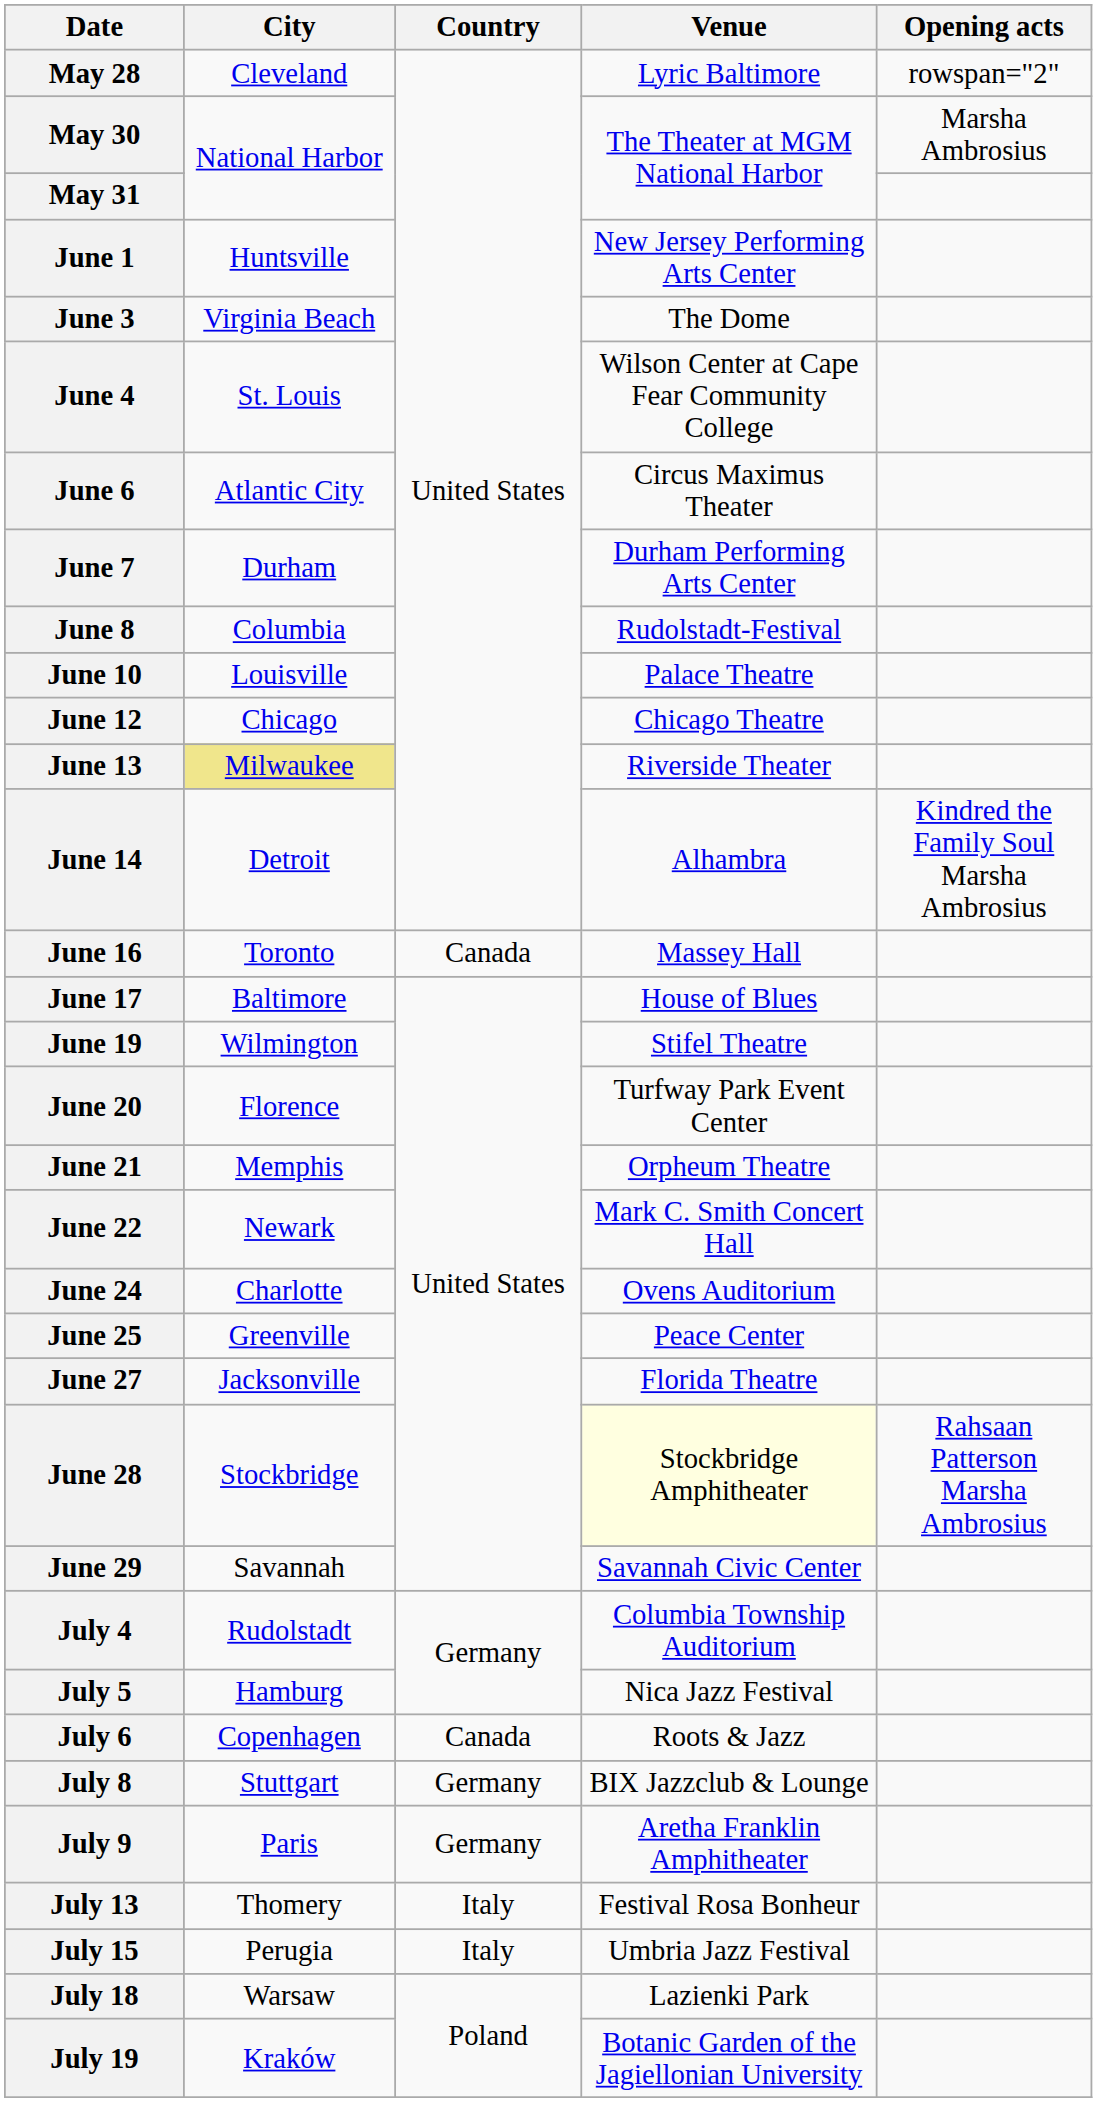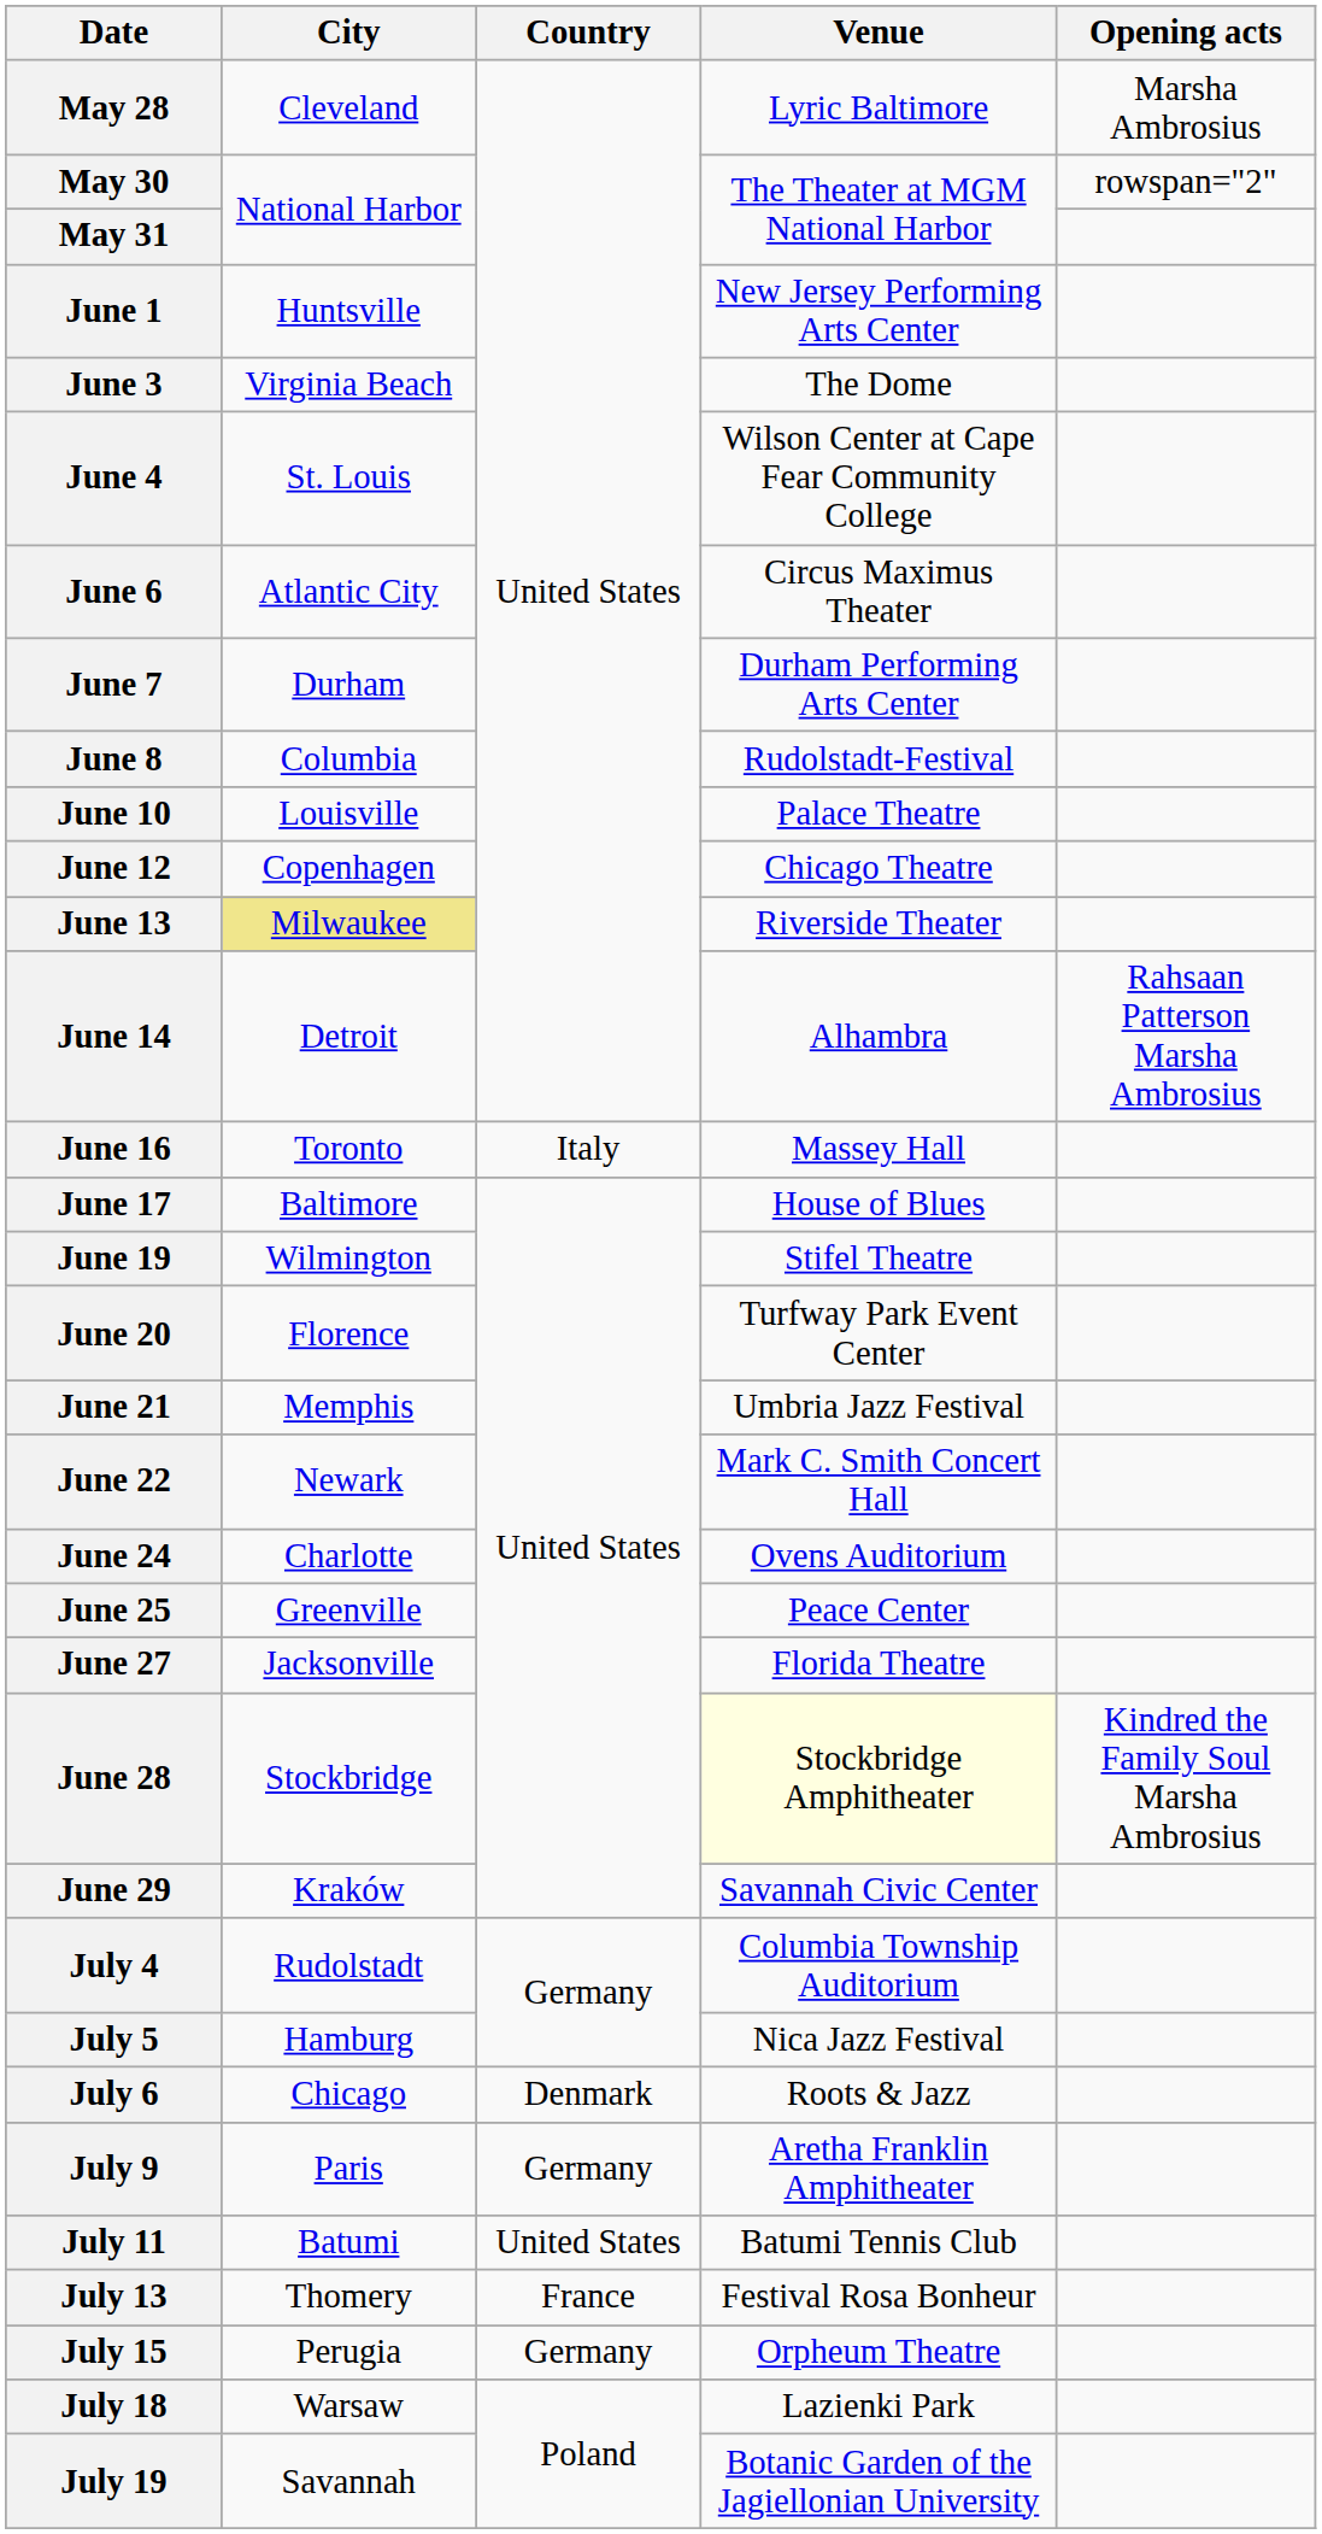 <table class="wikitable plainrowheaders" style="text-align:center;">
 <tr>
 <th scope="col" style="width:12em;">Date</th>
 <th scope="col" style="width:10em;">City</th>
 <th scope="col" style="width:10em;">Country</th>
 <th scope="col" style="width:17em;">Venue</th>
 <th scope="col" style="width:10em;">Opening acts</th>
 </tr>
 <tr>
 <th scope="row" style="text-align:center;">May 28</th>
 <td><a href='#'>Cleveland</a></td>
 <td rowspan="13">United States</td>
 <td><a href='#'>Lyric Baltimore</a></td>
-<td>rowspan="2" </td>
+<td>Marsha Ambrosius</td>
 </tr>
 <tr>
 <th scope="row" style="text-align:center;">May 30</th>
 <td rowspan="2"><a href='#'>National Harbor</a></td>
 <td rowspan="2"><a href='#'>The Theater at MGM National Harbor</a></td>
-<td>Marsha Ambrosius</td>
+<td>rowspan="2" </td>
 </tr>
 <tr>
 <th scope="row" style="text-align:center;">May 31</th>
 </tr>
 <tr>
 <th scope="row" style="text-align:center;">June 1</th>
 <td><a href='#'>Huntsville</a></td>
 <td><a href='#'>New Jersey Performing Arts Center</a></td>
 <td></td>
 </tr>
 <tr>
 <th scope="row" style="text-align:center;">June 3</th>
 <td><a href='#'>Virginia Beach</a></td>
 <td>The Dome</td>
 <td></td>
 </tr>
 <tr>
 <th scope="row" style="text-align:center;">June 4</th>
 <td><a href='#'>St. Louis</a></td>
 <td>Wilson Center at Cape Fear Community College</td>
 <td></td>
 </tr>
 <tr>
 <th scope="row" style="text-align:center;">June 6</th>
 <td><a href='#'>Atlantic City</a></td>
 <td>Circus Maximus Theater</td>
 <td></td>
 </tr>
 <tr>
 <th scope="row" style="text-align:center;">June 7</th>
 <td><a href='#'>Durham</a></td>
 <td><a href='#'>Durham Performing Arts Center</a></td>
 <td></td>
 </tr>
 <tr>
 <th scope="row" style="text-align:center;">June 8</th>
 <td><a href='#'>Columbia</a></td>
 <td><a href='#'>Rudolstadt-Festival</a></td>
 <td></td>
 </tr>
 <tr>
 <th scope="row" style="text-align:center;">June 10</th>
 <td><a href='#'>Louisville</a></td>
 <td><a href='#'>Palace Theatre</a></td>
 <td></td>
 </tr>
 <tr>
 <th scope="row" style="text-align:center;">June 12</th>
-<td><a href='#'>Chicago</a></td>
+<td><a href='#'>Copenhagen</a></td>
 <td><a href='#'>Chicago Theatre</a></td>
 <td></td>
 </tr>
 <tr>
 <th scope="row" style="text-align:center;">June 13</th>
 <td style="background: khaki;"><a href='#'>Milwaukee</a></td>
 <td><a href='#'>Riverside Theater</a></td>
 <td></td>
 </tr>
 <tr>
 <th scope="row" style="text-align:center;">June 14</th>
 <td><a href='#'>Detroit</a></td>
 <td><a href='#'>Alhambra</a></td>
-<td><a href='#'>Kindred the Family Soul</a><br>Marsha Ambrosius</td>
+<td><a href='#'>Rahsaan Patterson</a><br><a href='#'>Marsha Ambrosius</a></td>
 </tr>
 <tr>
 <th scope="row" style="text-align:center;">June 16</th>
 <td><a href='#'>Toronto</a></td>
-<td>Canada</td>
+<td>Italy</td>
 <td><a href='#'>Massey Hall</a></td>
 <td></td>
 </tr>
 <tr>
 <th scope="row" style="text-align:center;">June 17</th>
 <td><a href='#'>Baltimore</a></td>
 <td rowspan="10">United States</td>
 <td><a href='#'>House of Blues</a></td>
 <td></td>
 </tr>
 <tr>
 <th scope="row" style="text-align:center;">June 19</th>
 <td><a href='#'>Wilmington</a></td>
 <td><a href='#'>Stifel Theatre</a></td>
 <td></td>
 </tr>
 <tr>
 <th scope="row" style="text-align:center;">June 20</th>
 <td><a href='#'>Florence</a></td>
 <td>Turfway Park Event Center</td>
 <td></td>
 </tr>
 <tr>
 <th scope="row" style="text-align:center;">June 21</th>
 <td><a href='#'>Memphis</a></td>
-<td><a href='#'>Orpheum Theatre</a></td>
+<td>Umbria Jazz Festival</td>
 <td></td>
 </tr>
 <tr>
 <th scope="row" style="text-align:center;">June 22</th>
 <td><a href='#'>Newark</a></td>
 <td><a href='#'>Mark C. Smith Concert Hall</a></td>
 <td></td>
 </tr>
 <tr>
 <th scope="row" style="text-align:center;">June 24</th>
 <td><a href='#'>Charlotte</a></td>
 <td><a href='#'>Ovens Auditorium</a></td>
 <td></td>
 </tr>
 <tr>
 <th scope="row" style="text-align:center;">June 25</th>
 <td><a href='#'>Greenville</a></td>
 <td><a href='#'>Peace Center</a></td>
 <td></td>
 </tr>
 <tr>
 <th scope="row" style="text-align:center;">June 27</th>
 <td><a href='#'>Jacksonville</a></td>
 <td><a href='#'>Florida Theatre</a></td>
 <td></td>
 </tr>
 <tr>
 <th scope="row" style="text-align:center;">June 28</th>
 <td><a href='#'>Stockbridge</a></td>
 <td style="background: lightyellow;">Stockbridge Amphitheater</td>
-<td><a href='#'>Rahsaan Patterson</a><br><a href='#'>Marsha Ambrosius</a></td>
+<td><a href='#'>Kindred the Family Soul</a><br>Marsha Ambrosius</td>
 </tr>
 <tr>
 <th scope="row" style="text-align:center;">June 29</th>
-<td>Savannah</td>
+<td><a href='#'>Kraków</a></td>
 <td><a href='#'>Savannah Civic Center</a></td>
 <td></td>
 </tr>
 <tr>
 <th scope="row" style="text-align:center;">July 4</th>
 <td><a href='#'>Rudolstadt</a></td>
 <td rowspan="2">Germany</td>
 <td><a href='#'>Columbia Township Auditorium</a></td>
 <td></td>
 </tr>
 <tr>
 <th scope="row" style="text-align:center;">July 5</th>
 <td><a href='#'>Hamburg</a></td>
 <td>Nica Jazz Festival</td>
 <td></td>
 </tr>
 <tr>
 <th scope="row" style="text-align:center;">July 6</th>
-<td><a href='#'>Copenhagen</a></td>
-<td>Canada</td>
+<td><a href='#'>Chicago</a></td>
+<td>Denmark</td>
 <td>Roots & Jazz</td>
-<td></td>
-</tr>
-<tr>
-<th scope="row" style="text-align:center;">July 8</th>
-<td><a href='#'>Stuttgart</a></td>
-<td>Germany</td>
-<td>BIX Jazzclub & Lounge</td>
 <td></td>
 </tr>
 <tr>
 <th scope="row" style="text-align:center;">July 9</th>
 <td><a href='#'>Paris</a></td>
 <td>Germany</td>
 <td><a href='#'>Aretha Franklin Amphitheater</a></td>
 <td></td>
 </tr>
 <tr>
+<th scope="row" style="text-align:center;">July 11</th>
+<td><a href='#'>Batumi</a></td>
+<td>United States</td>
+<td>Batumi Tennis Club</td>
+<td></td>
+</tr>
+<tr>
 <th scope="row" style="text-align:center;">July 13</th>
 <td>Thomery</td>
-<td>Italy</td>
+<td>France</td>
 <td>Festival Rosa Bonheur</td>
 <td></td>
 </tr>
 <tr>
 <th scope="row" style="text-align:center;">July 15</th>
 <td>Perugia</td>
-<td>Italy</td>
-<td>Umbria Jazz Festival</td>
+<td>Germany</td>
+<td><a href='#'>Orpheum Theatre</a></td>
 <td></td>
 </tr>
 <tr>
 <th scope="row" style="text-align:center;">July 18</th>
 <td>Warsaw</td>
 <td rowspan="2">Poland</td>
 <td>Lazienki Park</td>
 <td></td>
 </tr>
 <tr>
 <th scope="row" style="text-align:center;">July 19</th>
-<td><a href='#'>Kraków</a></td>
+<td>Savannah</td>
 <td><a href='#'>Botanic Garden of the Jagiellonian University</a></td>
 <td></td>
 </tr>
 <tr>
 </tr>
 </table>
